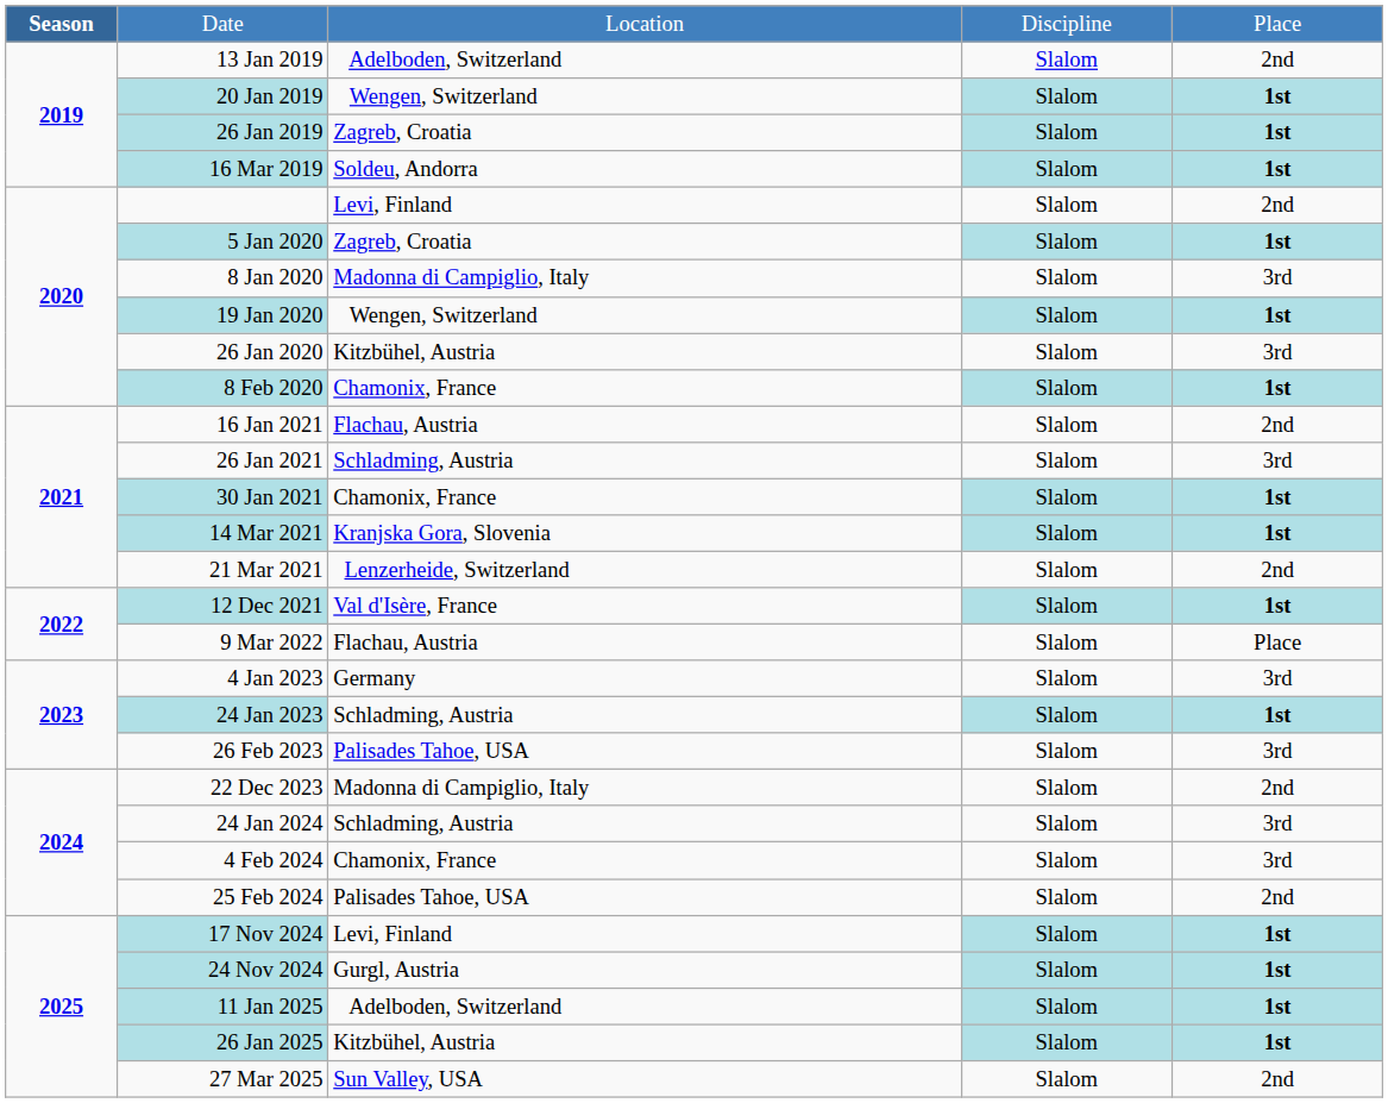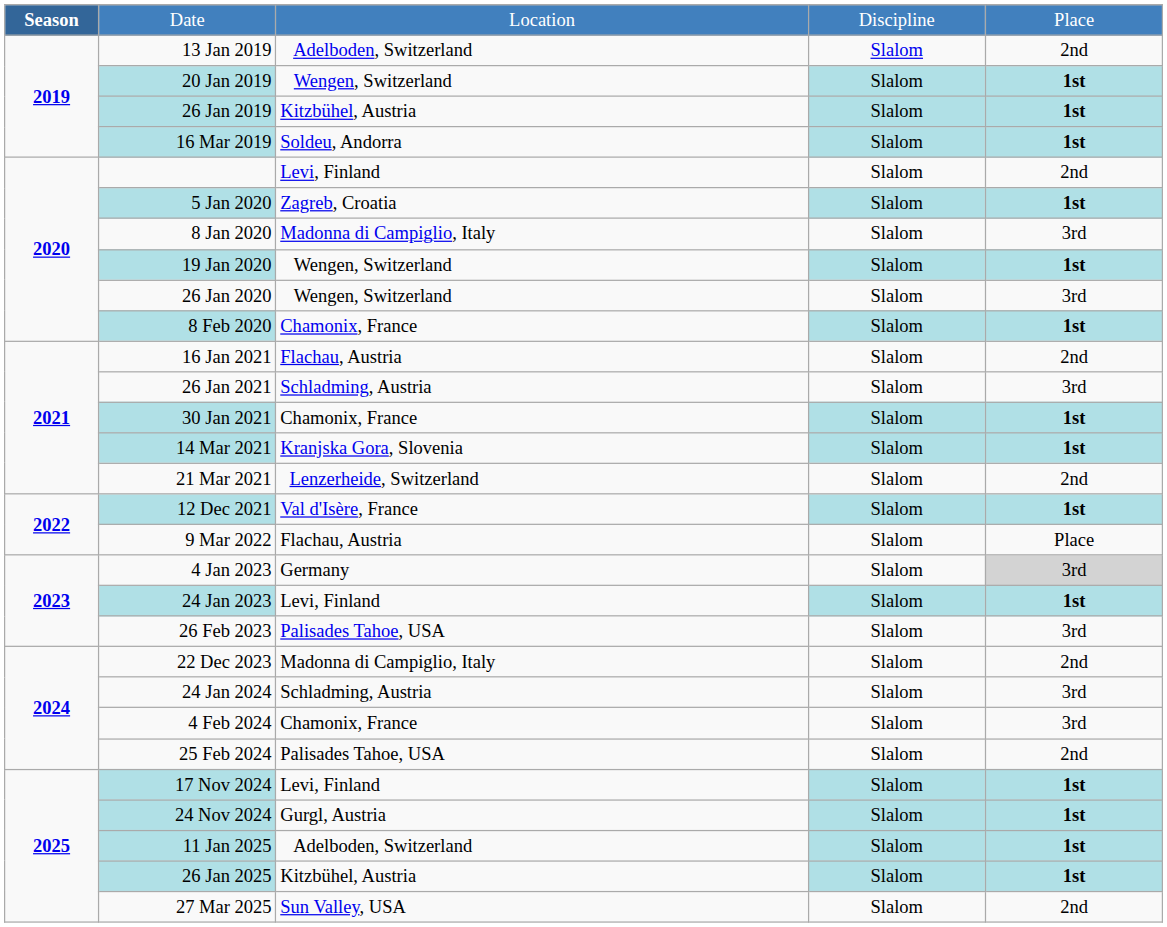 <table class="wikitable" style="font-size:95%; text-align:center; border:grey solid 1px; border-collapse:collapse;" width="60%">
 <tr style="background-color:#369; color:white;">
 <td rowspan="2" colspan="1" width="5%"><strong>Season</strong></td>
 </tr>
 <tr style="background-color:#4180be; color:white;">
 <td width="10%">Date</td>
 <td width="30%">Location</td>
 <td width="10%">Discipline</td>
 <td width="10%">Place</td>
 </tr>
 <tr>
 <td rowspan=4><strong><a href='#'>2019</a></strong></td>
 <td align=right>13 Jan 2019</td>
 <td align=left>   <a href='#'>Adelboden</a>, Switzerland</td>
 <td><a href='#'>Slalom</a></td>
 <td align=center>2nd</td>
 </tr>
 <tr>
 <td align=right bgcolor="#BOEOE6">20 Jan 2019</td>
 <td align=left>   <a href='#'>Wengen</a>, Switzerland</td>
 <td bgcolor="#BOEOE6">Slalom</td>
 <td bgcolor="#BOEOE6" align=center><strong>1st</strong></td>
 </tr>
 <tr>
 <td align=right bgcolor="#BOEOE6">26 Jan 2019</td>
-<td align=left> <a href='#'>Zagreb</a>, Croatia</td>
+<td align=left> <a href='#'>Kitzbühel</a>, Austria</td>
 <td bgcolor="#BOEOE6">Slalom</td>
 <td bgcolor="#BOEOE6" align=center><strong>1st</strong></td>
 </tr>
 <tr>
 <td align=right bgcolor="#BOEOE6">16 Mar 2019</td>
 <td align=left> <a href='#'>Soldeu</a>, Andorra</td>
 <td bgcolor="#BOEOE6">Slalom</td>
 <td bgcolor="#BOEOE6"><strong>1st</strong></td>
 </tr>
 <tr>
 <td rowspan=6><strong><a href='#'>2020</a></strong></td>
 <td align=right></td>
 <td align=left> <a href='#'>Levi</a>, Finland</td>
 <td>Slalom</td>
 <td align=center>2nd</td>
 </tr>
 <tr>
 <td align=right bgcolor="#BOEOE6">5 Jan 2020</td>
 <td align=left> <a href='#'>Zagreb</a>, Croatia</td>
 <td bgcolor="#BOEOE6">Slalom</td>
 <td bgcolor="#BOEOE6" align=center><strong>1st</strong></td>
 </tr>
 <tr>
 <td align=right>8 Jan 2020</td>
 <td align=left> <a href='#'>Madonna di Campiglio</a>, Italy</td>
 <td>Slalom</td>
 <td align=center>3rd</td>
 </tr>
 <tr>
 <td align=right bgcolor="#BOEOE6">19 Jan 2020</td>
 <td align=left>   Wengen, Switzerland</td>
 <td bgcolor="#BOEOE6">Slalom</td>
 <td bgcolor="#BOEOE6" align=center><strong>1st</strong></td>
 </tr>
 <tr>
 <td align=right>26 Jan 2020</td>
-<td align=left> Kitzbühel, Austria</td>
+<td align=left>   Wengen, Switzerland</td>
 <td>Slalom</td>
 <td align=center>3rd</td>
 </tr>
 <tr>
 <td align=right bgcolor="#BOEOE6">8 Feb 2020</td>
 <td align=left> <a href='#'>Chamonix</a>, France</td>
 <td bgcolor="#BOEOE6">Slalom</td>
 <td bgcolor="#BOEOE6"><strong>1st</strong></td>
 </tr>
 <tr>
 <td rowspan="5"><strong><a href='#'>2021</a></strong></td>
 <td align=right>16 Jan 2021</td>
 <td align=left> <a href='#'>Flachau</a>, Austria</td>
 <td>Slalom</td>
 <td>2nd</td>
 </tr>
 <tr>
 <td align=right>26 Jan 2021</td>
 <td align=left> <a href='#'>Schladming</a>, Austria</td>
 <td>Slalom</td>
 <td align=center>3rd</td>
 </tr>
 <tr>
 <td align=right bgcolor="#BOEOE6">30 Jan 2021</td>
 <td align=left> Chamonix, France</td>
 <td bgcolor="#BOEOE6">Slalom</td>
 <td bgcolor="#BOEOE6"><strong>1st</strong></td>
 </tr>
 <tr>
 <td align=right bgcolor="#BOEOE6">14 Mar 2021</td>
 <td align=left> <a href='#'>Kranjska Gora</a>, Slovenia</td>
 <td bgcolor="#BOEOE6">Slalom</td>
 <td bgcolor="#BOEOE6"><strong>1st</strong></td>
 </tr>
 <tr>
 <td align=right>21 Mar 2021</td>
 <td align=left>  <a href='#'>Lenzerheide</a>, Switzerland</td>
 <td>Slalom</td>
 <td>2nd</td>
 </tr>
 <tr>
 <td rowspan="2"><strong><a href='#'>2022</a></strong></td>
 <td align=right bgcolor="#BOEOE6">12 Dec 2021</td>
 <td align=left> <a href='#'>Val d'Isère</a>, France</td>
 <td bgcolor="#BOEOE6">Slalom</td>
 <td bgcolor="#BOEOE6"><strong>1st</strong></td>
 </tr>
 <tr>
 <td align=right>9 Mar 2022</td>
 <td align=left> Flachau, Austria</td>
 <td>Slalom</td>
 <td width="10%">Place</td>
 </tr>
 <tr>
 <td rowspan="3"><strong><a href='#'>2023</a></strong></td>
 <td align=right>4 Jan 2023</td>
 <td align=left> Germany</td>
 <td>Slalom</td>
-<td>3rd</td>
+<td style="background: lightgrey;">3rd</td>
 </tr>
 <tr>
 <td align=right bgcolor="#BOEOE6">24 Jan 2023</td>
-<td align=left> Schladming, Austria</td>
+<td align=left> Levi, Finland</td>
 <td bgcolor="#BOEOE6">Slalom</td>
 <td bgcolor="#BOEOE6"><strong>1st</strong></td>
 </tr>
 <tr>
 <td align=right>26 Feb 2023</td>
 <td align=left> <a href='#'>Palisades Tahoe</a>, USA</td>
 <td>Slalom</td>
 <td>3rd</td>
 </tr>
 <tr>
 <td rowspan="4"><strong><a href='#'>2024</a></strong></td>
 <td align=right>22 Dec 2023</td>
 <td align=left> Madonna di Campiglio, Italy</td>
 <td>Slalom</td>
 <td>2nd</td>
 </tr>
 <tr>
 <td align=right>24 Jan 2024</td>
 <td align= left> Schladming, Austria</td>
 <td>Slalom</td>
 <td>3rd</td>
 </tr>
 <tr>
 <td align=right>4 Feb 2024</td>
 <td align= left> Chamonix, France</td>
 <td>Slalom</td>
 <td>3rd</td>
 </tr>
 <tr>
 <td align=right>25 Feb 2024</td>
 <td align=left> Palisades Tahoe, USA</td>
 <td>Slalom</td>
 <td>2nd</td>
 </tr>
 <tr>
 <td rowspan="5"><strong><a href='#'>2025</a></strong></td>
 <td align=right bgcolor="#BOEOE6">17 Nov 2024</td>
 <td align=left> Levi, Finland</td>
 <td bgcolor="#BOEOE6">Slalom</td>
 <td bgcolor="#BOEOE6"><strong>1st</strong></td>
 </tr>
 <tr>
 <td align=right bgcolor="#BOEOE6">24 Nov 2024</td>
 <td align=left> Gurgl, Austria</td>
 <td bgcolor="#BOEOE6">Slalom</td>
 <td bgcolor="#BOEOE6"><strong>1st</strong></td>
 </tr>
 <tr>
 <td align=right bgcolor="#BOEOE6">11 Jan 2025</td>
 <td align=left>   Adelboden, Switzerland</td>
 <td bgcolor="#BOEOE6">Slalom</td>
 <td bgcolor="#BOEOE6"><strong>1st</strong></td>
 </tr>
 <tr>
 <td align=right bgcolor="#BOEOE6">26 Jan 2025</td>
 <td align=left> Kitzbühel, Austria</td>
 <td bgcolor="#BOEOE6">Slalom</td>
 <td bgcolor="#BOEOE6"><strong>1st</strong></td>
 </tr>
 <tr>
 <td align=right>27 Mar 2025</td>
 <td align=left> <a href='#'>Sun Valley</a>, USA</td>
 <td>Slalom</td>
 <td>2nd</td>
 </tr>
 </table>
